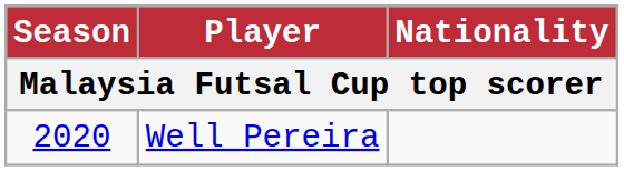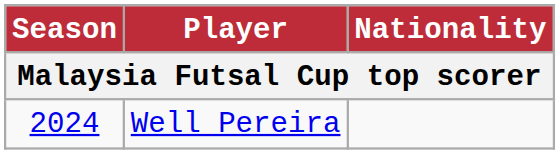 <table class="wikitable">
 <tr>
 <th style="background:#bd2c38; color:white;">Season</th>
 <th style="background:#bd2c38; color:white;">Player</th>
 <th style="background:#bd2c38; color:white;">Nationality</th>
 </tr>
 <tr>
 <th colspan="3">Malaysia Futsal Cup top scorer</th>
 </tr>
 <tr>
-<td align="center"><a href='#'>2020</a></td>
+<td align="center"><a href='#'>2024</a></td>
 <td><a href='#'>Well Pereira</a></td>
 <td></td>
 </tr>
 </table>
